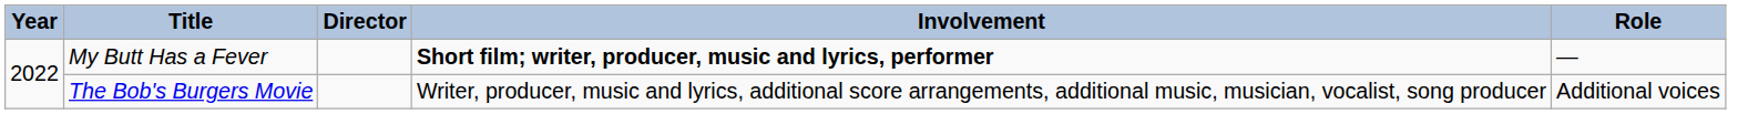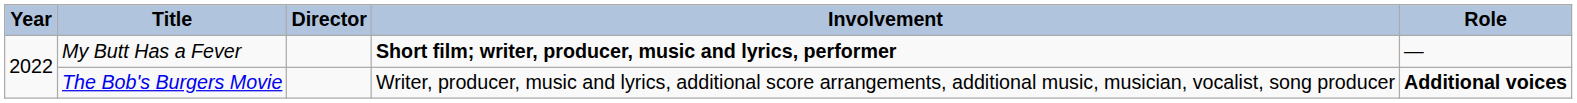 <table class="wikitable">
 <tr style="text-align:center;">
 <th scope="col" style="background:#B0C4DE;">Year</th>
 <th scope="col" style="background:#B0C4DE;">Title</th>
 <th scope="col" style="background:#B0C4DE;">Director</th>
 <th scope="col" style="background:#B0C4DE;">Involvement</th>
 <th scope="col" style="background:#B0C4DE;">Role</th>
 </tr>
 <tr>
 <td rowspan=2>2022</td>
 <td scope="row"><em>My Butt Has a Fever</em></td>
 <td></td>
 <td><strong>Short film; writer, producer, music and lyrics, performer</strong></td>
 <td>—</td>
 </tr>
 <tr>
 <td scope="row"><em><a href='#'>The Bob's Burgers Movie</a></em></td>
 <td></td>
 <td>Writer, producer, music and lyrics, additional score arrangements, additional music, musician, vocalist, song producer</td>
-<td>Additional voices</td>
+<td><strong>Additional voices</strong></td>
 </tr>
 </table>
